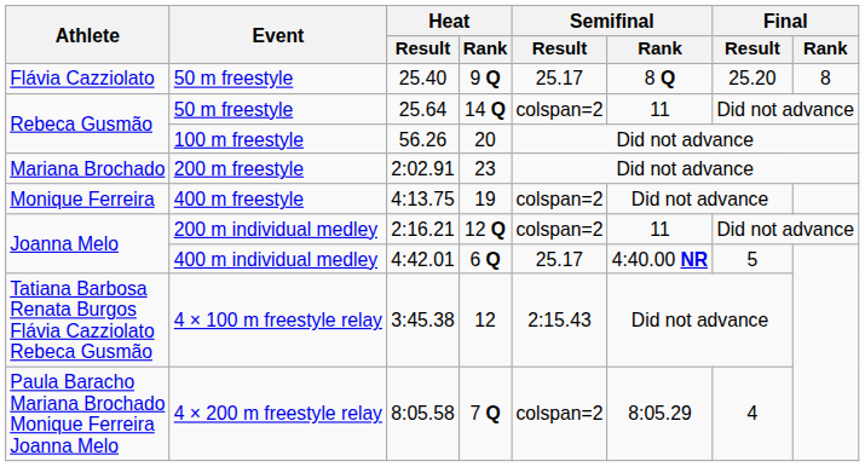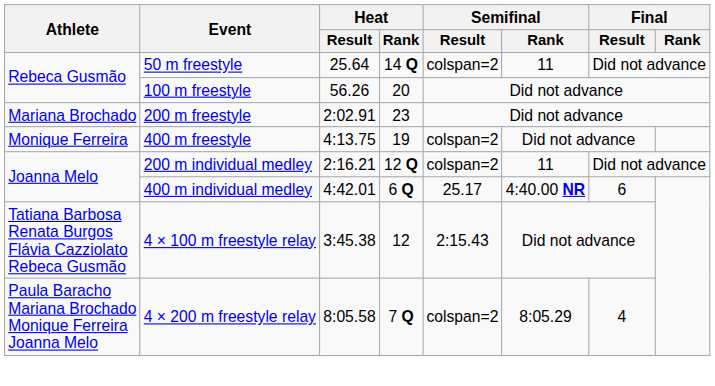 <table class="wikitable" style="font-size:90%;">
 <tr>
 <th rowspan="2">Athlete</th>
 <th rowspan="2">Event</th>
 <th colspan="2">Heat</th>
 <th colspan="2">Semifinal</th>
 <th colspan="2">Final</th>
 </tr>
 <tr style="font-size:95%">
 <th>Result</th>
 <th>Rank</th>
 <th>Result</th>
 <th>Rank</th>
 <th>Result</th>
 <th>Rank</th>
-</tr>
-<tr align=center>
-<td align=left><a href='#'>Flávia Cazziolato</a></td>
-<td align=left><a href='#'>50 m freestyle</a></td>
-<td>25.40</td>
-<td>9 <strong>Q</strong></td>
-<td>25.17</td>
-<td>8 <strong>Q</strong></td>
-<td>25.20</td>
-<td>8</td>
 </tr>
 <tr align=center>
 <td align=left rowspan=2><a href='#'>Rebeca Gusmão</a></td>
 <td align=left><a href='#'>50 m freestyle</a></td>
 <td>25.64</td>
 <td>14 <strong>Q</strong></td>
 <td>colspan=2 </td>
 <td>11</td>
 <td colspan=2>Did not advance</td>
 </tr>
 <tr align=center>
 <td align=left><a href='#'>100 m freestyle</a></td>
 <td>56.26</td>
 <td>20</td>
 <td colspan=4>Did not advance</td>
 </tr>
 <tr align=center>
 <td align=left><a href='#'>Mariana Brochado</a></td>
 <td align=left><a href='#'>200 m freestyle</a></td>
 <td>2:02.91</td>
 <td>23</td>
 <td colspan=4>Did not advance</td>
 </tr>
 <tr align=center>
 <td align=left><a href='#'>Monique Ferreira</a></td>
 <td align=left><a href='#'>400 m freestyle</a></td>
 <td>4:13.75</td>
 <td>19</td>
 <td>colspan=2 </td>
 <td colspan=2>Did not advance</td>
 </tr>
 <tr align=center>
 <td align=left rowspan=2><a href='#'>Joanna Melo</a></td>
 <td align=left><a href='#'>200 m individual medley</a></td>
 <td>2:16.21</td>
 <td>12 <strong>Q</strong></td>
 <td>colspan=2 </td>
 <td>11</td>
 <td colspan=2>Did not advance</td>
 </tr>
 <tr align=center>
 <td align=left><a href='#'>400 m individual medley</a></td>
 <td>4:42.01</td>
 <td>6 <strong>Q</strong></td>
 <td>25.17</td>
 <td>4:40.00 <strong><a href='#'>NR</a></strong></td>
-<td>5</td>
+<td>6</td>
 </tr>
 <tr align=center>
 <td align=left><a href='#'>Tatiana Barbosa</a><br><a href='#'>Renata Burgos</a><br><a href='#'>Flávia Cazziolato</a><br><a href='#'>Rebeca Gusmão</a></td>
 <td align=left><a href='#'>4 × 100 m freestyle relay</a></td>
 <td>3:45.38</td>
 <td>12</td>
 <td>2:15.43</td>
 <td colspan=2>Did not advance</td>
 </tr>
 <tr align=center>
 <td align=left><a href='#'>Paula Baracho</a><br><a href='#'>Mariana Brochado</a><br><a href='#'>Monique Ferreira</a><br><a href='#'>Joanna Melo</a></td>
 <td align=left><a href='#'>4 × 200 m freestyle relay</a></td>
 <td>8:05.58</td>
 <td>7 <strong>Q</strong></td>
 <td>colspan=2 </td>
 <td>8:05.29</td>
 <td>4</td>
 </tr>
 </table>
